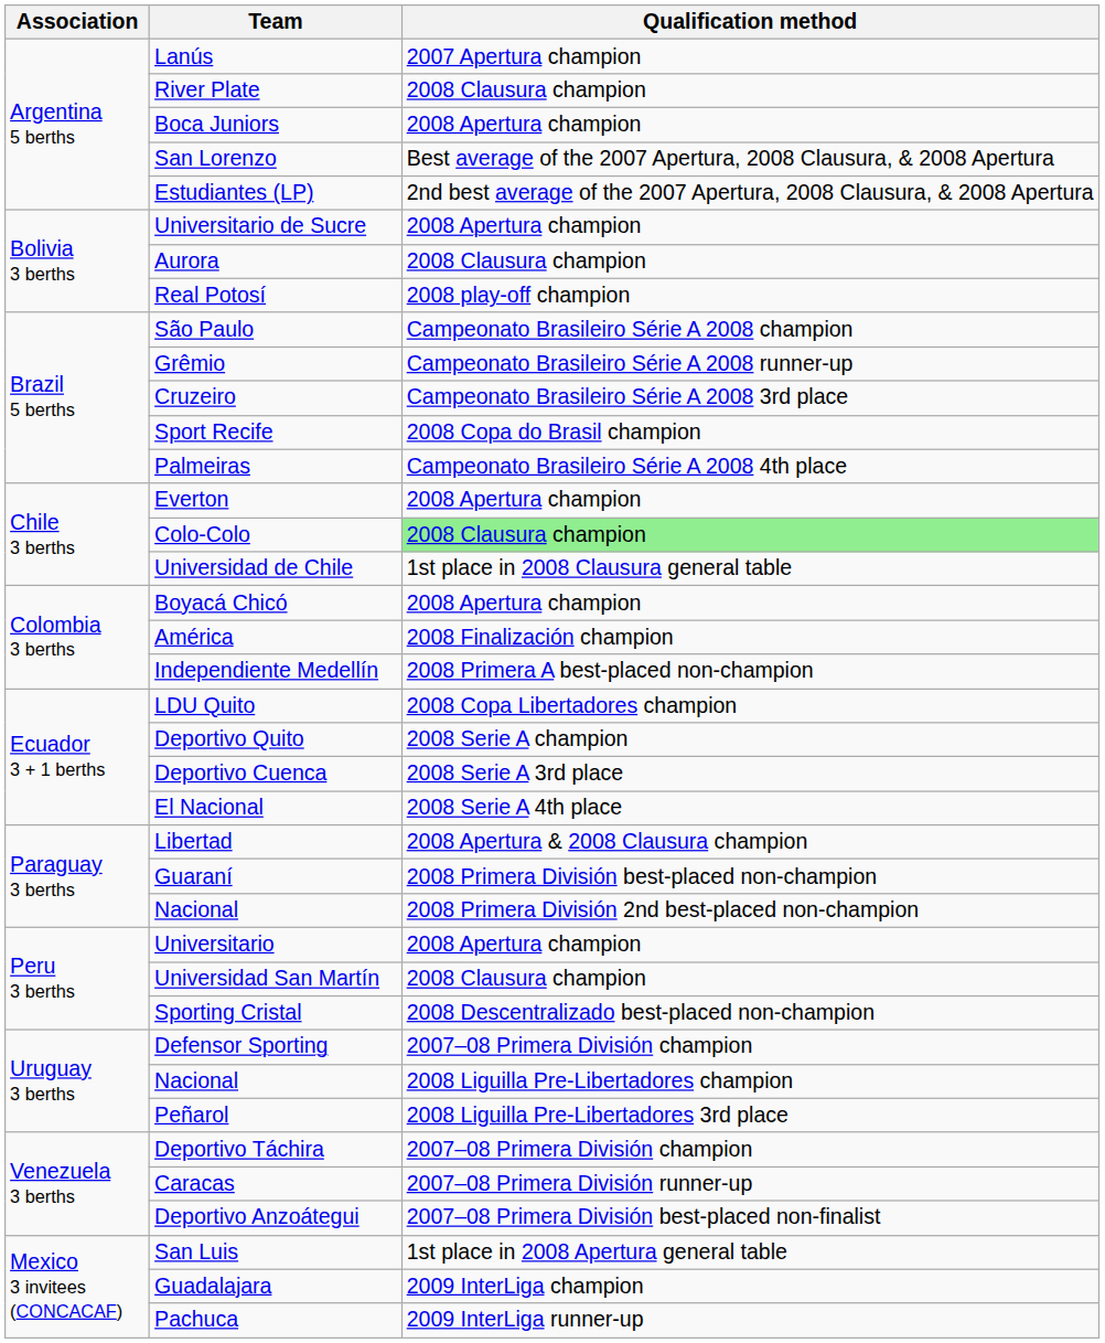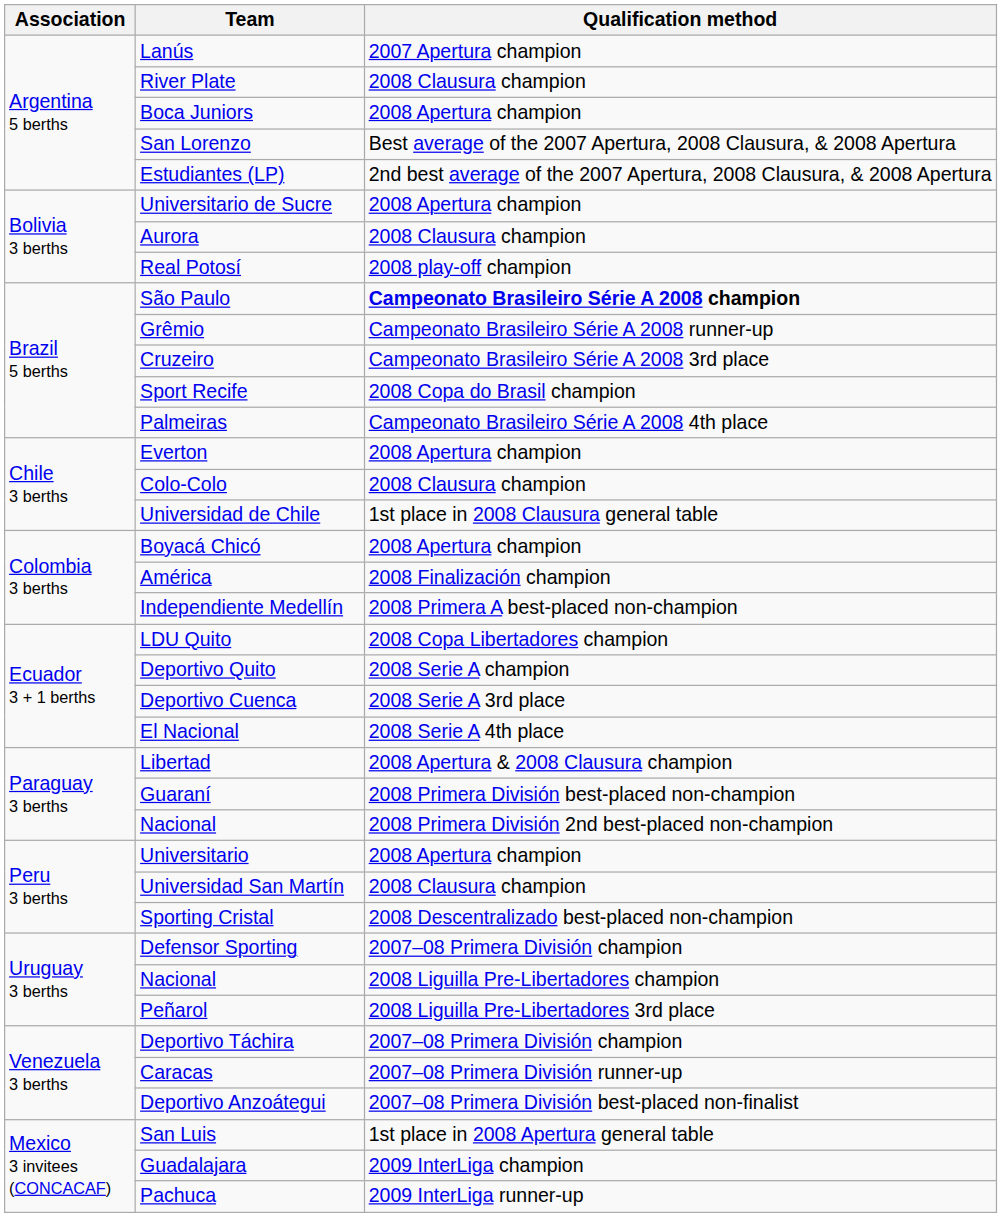 <table class="wikitable">
 <tr>
 <th width=100>Association</th>
 <th width=180>Team</th>
 <th>Qualification method</th>
 </tr>
 <tr>
 <td rowspan="5"> <a href='#'>Argentina</a><br><small>5 berths</small></td>
 <td><a href='#'>Lanús</a></td>
 <td><a href='#'>2007 Apertura</a> champion</td>
 </tr>
 <tr>
 <td><a href='#'>River Plate</a></td>
 <td><a href='#'>2008 Clausura</a> champion</td>
 </tr>
 <tr>
 <td><a href='#'>Boca Juniors</a></td>
 <td><a href='#'>2008 Apertura</a> champion</td>
 </tr>
 <tr>
 <td><a href='#'>San Lorenzo</a></td>
 <td>Best <a href='#'>average</a> of the 2007 Apertura, 2008 Clausura, & 2008 Apertura</td>
 </tr>
 <tr>
 <td><a href='#'>Estudiantes (LP)</a></td>
 <td>2nd best <a href='#'>average</a> of the 2007 Apertura, 2008 Clausura, & 2008 Apertura</td>
 </tr>
 <tr>
 <td rowspan="3"> <a href='#'>Bolivia</a><br><small>3 berths</small></td>
 <td><a href='#'>Universitario de Sucre</a></td>
 <td><a href='#'>2008 Apertura</a> champion</td>
 </tr>
 <tr>
 <td><a href='#'>Aurora</a></td>
 <td><a href='#'>2008 Clausura</a> champion</td>
 </tr>
 <tr>
 <td><a href='#'>Real Potosí</a></td>
 <td><a href='#'>2008 play-off</a> champion</td>
 </tr>
 <tr>
 <td rowspan="5"> <a href='#'>Brazil</a><br><small>5 berths</small></td>
 <td><a href='#'>São Paulo</a></td>
-<td><a href='#'>Campeonato Brasileiro Série A 2008</a> champion</td>
+<td><strong><a href='#'>Campeonato Brasileiro Série A 2008</a> champion</strong></td>
 </tr>
 <tr>
 <td><a href='#'>Grêmio</a></td>
 <td><a href='#'>Campeonato Brasileiro Série A 2008</a> runner-up</td>
 </tr>
 <tr>
 <td><a href='#'>Cruzeiro</a></td>
 <td><a href='#'>Campeonato Brasileiro Série A 2008</a> 3rd place</td>
 </tr>
 <tr>
 <td><a href='#'>Sport Recife</a></td>
 <td><a href='#'>2008 Copa do Brasil</a> champion</td>
 </tr>
 <tr>
 <td><a href='#'>Palmeiras</a></td>
 <td><a href='#'>Campeonato Brasileiro Série A 2008</a> 4th place</td>
 </tr>
 <tr>
 <td rowspan="3"> <a href='#'>Chile</a><br><small>3 berths</small></td>
 <td><a href='#'>Everton</a></td>
 <td><a href='#'>2008 Apertura</a> champion</td>
 </tr>
 <tr>
 <td><a href='#'>Colo-Colo</a></td>
-<td style="background: lightgreen;"><a href='#'>2008 Clausura</a> champion</td>
+<td><a href='#'>2008 Clausura</a> champion</td>
 </tr>
 <tr>
 <td><a href='#'>Universidad de Chile</a></td>
 <td>1st place in <a href='#'>2008 Clausura</a> general table</td>
 </tr>
 <tr>
 <td rowspan="3"> <a href='#'>Colombia</a><br><small>3 berths</small></td>
 <td><a href='#'>Boyacá Chicó</a></td>
 <td><a href='#'>2008 Apertura</a> champion</td>
 </tr>
 <tr>
 <td><a href='#'>América</a></td>
 <td><a href='#'>2008 Finalización</a> champion</td>
 </tr>
 <tr>
 <td><a href='#'>Independiente Medellín</a></td>
 <td><a href='#'>2008 Primera A</a> best-placed non-champion</td>
 </tr>
 <tr>
 <td rowspan="4"> <a href='#'>Ecuador</a><br><small>3 + 1 berths</small></td>
 <td><a href='#'>LDU Quito</a></td>
 <td><a href='#'>2008 Copa Libertadores</a> champion</td>
 </tr>
 <tr>
 <td><a href='#'>Deportivo Quito</a></td>
 <td><a href='#'>2008 Serie A</a> champion</td>
 </tr>
 <tr>
 <td><a href='#'>Deportivo Cuenca</a></td>
 <td><a href='#'>2008 Serie A</a> 3rd place</td>
 </tr>
 <tr>
 <td><a href='#'>El Nacional</a></td>
 <td><a href='#'>2008 Serie A</a> 4th place</td>
 </tr>
 <tr>
 <td rowspan="3"> <a href='#'>Paraguay</a><br><small>3 berths</small></td>
 <td><a href='#'>Libertad</a></td>
 <td><a href='#'>2008 Apertura</a> & <a href='#'>2008 Clausura</a> champion</td>
 </tr>
 <tr>
 <td><a href='#'>Guaraní</a></td>
 <td><a href='#'>2008 Primera División</a> best-placed non-champion</td>
 </tr>
 <tr>
 <td><a href='#'>Nacional</a></td>
 <td><a href='#'>2008 Primera División</a> 2nd best-placed non-champion</td>
 </tr>
 <tr>
 <td rowspan="3"> <a href='#'>Peru</a><br><small>3 berths</small></td>
 <td><a href='#'>Universitario</a></td>
 <td><a href='#'>2008 Apertura</a> champion</td>
 </tr>
 <tr>
 <td><a href='#'>Universidad San Martín</a></td>
 <td><a href='#'>2008 Clausura</a> champion</td>
 </tr>
 <tr>
 <td><a href='#'>Sporting Cristal</a></td>
 <td><a href='#'>2008 Descentralizado</a> best-placed non-champion</td>
 </tr>
 <tr>
 <td rowspan="3"> <a href='#'>Uruguay</a><br><small>3 berths</small></td>
 <td><a href='#'>Defensor Sporting</a></td>
 <td><a href='#'>2007–08 Primera División</a> champion</td>
 </tr>
 <tr>
 <td><a href='#'>Nacional</a></td>
 <td><a href='#'>2008 Liguilla Pre-Libertadores</a> champion</td>
 </tr>
 <tr>
 <td><a href='#'>Peñarol</a></td>
 <td><a href='#'>2008 Liguilla Pre-Libertadores</a> 3rd place</td>
 </tr>
 <tr>
 <td rowspan="3"> <a href='#'>Venezuela</a><br><small>3 berths</small></td>
 <td><a href='#'>Deportivo Táchira</a></td>
 <td><a href='#'>2007–08 Primera División</a> champion</td>
 </tr>
 <tr>
 <td><a href='#'>Caracas</a></td>
 <td><a href='#'>2007–08 Primera División</a> runner-up</td>
 </tr>
 <tr>
 <td><a href='#'>Deportivo Anzoátegui</a></td>
 <td><a href='#'>2007–08 Primera División</a> best-placed non-finalist</td>
 </tr>
 <tr>
 <td rowspan="3"> <a href='#'>Mexico</a><br><small>3 invitees (<a href='#'>CONCACAF</a>)</small></td>
 <td><a href='#'>San Luis</a></td>
 <td>1st place in <a href='#'>2008 Apertura</a> general table</td>
 </tr>
 <tr>
 <td><a href='#'>Guadalajara</a></td>
 <td><a href='#'>2009 InterLiga</a> champion</td>
 </tr>
 <tr>
 <td><a href='#'>Pachuca</a></td>
 <td><a href='#'>2009 InterLiga</a> runner-up</td>
 </tr>
 </table>
